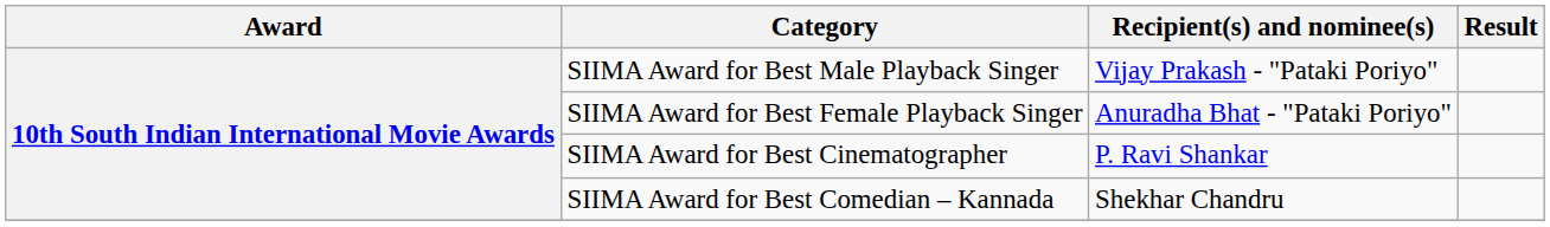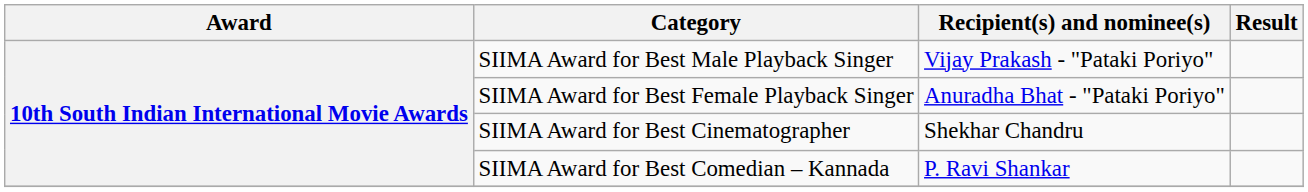 <table class="wikitable sortable">
 <tr>
 <th>Award</th>
 <th>Category</th>
 <th>Recipient(s) and nominee(s)</th>
 <th>Result</th>
 </tr>
 <tr>
 <th scope="row" rowspan="4"><a href='#'>10th South Indian International Movie Awards</a></th>
 <td>SIIMA Award for Best Male Playback Singer</td>
 <td><a href='#'>Vijay Prakash</a> - "Pataki Poriyo"</td>
 <td></td>
 </tr>
 <tr>
 <td>SIIMA Award for Best Female Playback Singer</td>
 <td><a href='#'>Anuradha Bhat</a> - "Pataki Poriyo"</td>
 <td></td>
 </tr>
 <tr>
 <td>SIIMA Award for Best Cinematographer</td>
-<td><a href='#'>P. Ravi Shankar</a></td>
+<td>Shekhar Chandru</td>
 <td></td>
 </tr>
 <tr>
 <td>SIIMA Award for Best Comedian – Kannada</td>
-<td>Shekhar Chandru</td>
+<td><a href='#'>P. Ravi Shankar</a></td>
 <td></td>
 </tr>
 <tr>
 </tr>
 </table>
